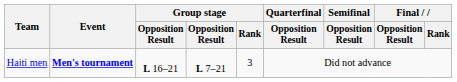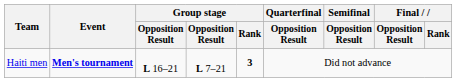 <table class=wikitable style=font-size:90%;text-align:center>
 <tr>
 <th rowspan=2>Team</th>
 <th rowspan=2>Event</th>
 <th colspan=3>Group stage</th>
 <th>Quarterfinal</th>
 <th>Semifinal</th>
 <th colspan=2>Final /  / </th>
 </tr>
 <tr style=font-size:95%>
 <th>Opposition<br>Result</th>
 <th>Opposition<br>Result</th>
 <th>Rank</th>
 <th>Opposition<br>Result</th>
 <th>Opposition<br>Result</th>
 <th>Opposition<br>Result</th>
 <th>Rank</th>
 </tr>
 <tr>
 <td align=left><a href='#'>Haiti men</a></td>
 <td align=left><strong><a href='#'>Men's tournament</a></strong></td>
 <td><br><strong>L</strong> 16–21</td>
 <td><br><strong>L</strong> 7–21</td>
-<td>3</td>
+<td><strong>3</strong></td>
 <td colspan=4>Did not advance</td>
 </tr>
 </table>
